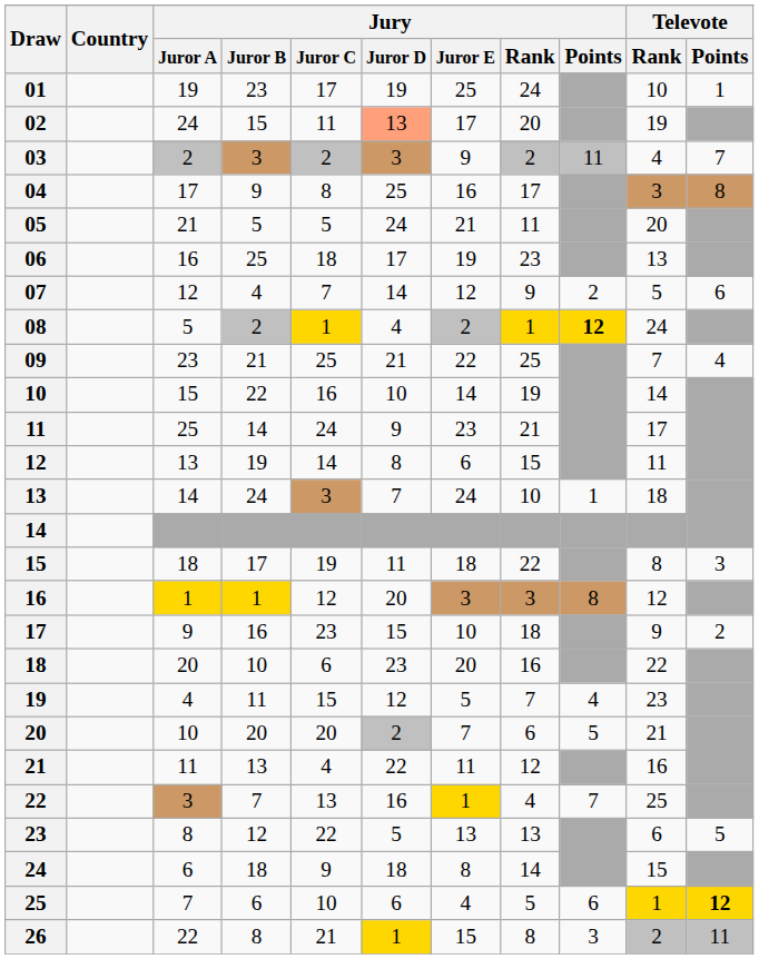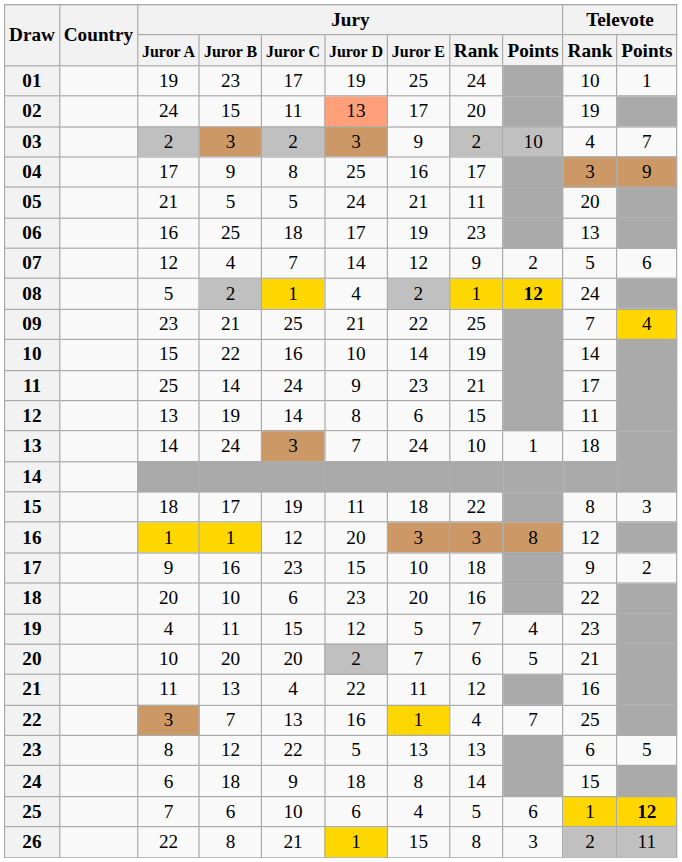 <table class="sortable wikitable collapsible plainrowheaders" style="text-align:center;">
 <tr>
 </tr>
 <tr>
 <th scope="col" rowspan="2">Draw</th>
 <th scope="col" rowspan="2">Country</th>
 <th scope="col" colspan="7">Jury</th>
 <th scope="col" colspan="2">Televote</th>
 </tr>
 <tr>
 <th scope="col"><small>Juror A</small></th>
 <th scope="col"><small>Juror B</small></th>
 <th scope="col"><small>Juror C</small></th>
 <th scope="col"><small>Juror D</small></th>
 <th scope="col"><small>Juror E</small></th>
 <th scope="col">Rank</th>
 <th scope="col" class="unsortable">Points</th>
 <th scope="col">Rank</th>
 <th scope="col" class="unsortable">Points</th>
 </tr>
 <tr>
 <th scope="row" style="text-align:center;">01</th>
 <td style="text-align:left;"></td>
 <td>19</td>
 <td>23</td>
 <td>17</td>
 <td>19</td>
 <td>25</td>
 <td>24</td>
 <td style="background:#AAAAAA;"></td>
 <td>10</td>
 <td>1</td>
 </tr>
 <tr>
 <th scope="row" style="text-align:center;">02</th>
 <td style="text-align:left;"></td>
 <td>24</td>
 <td>15</td>
 <td>11</td>
 <td style="background: lightsalmon;">13</td>
 <td>17</td>
 <td>20</td>
 <td style="background:#AAAAAA;"></td>
 <td>19</td>
 <td style="background:#AAAAAA;"></td>
 </tr>
 <tr>
 <th scope="row" style="text-align:center;">03</th>
 <td style="text-align:left;"></td>
 <td style="background:silver;">2</td>
 <td style="background:#CC9966;">3</td>
 <td style="background:silver;">2</td>
 <td style="background:#CC9966;">3</td>
 <td>9</td>
 <td style="background:silver;">2</td>
-<td style="background:silver;">11</td>
+<td style="background:silver;">10</td>
 <td>4</td>
 <td>7</td>
 </tr>
 <tr>
 <th scope="row" style="text-align:center;">04</th>
 <td style="text-align:left;"></td>
 <td>17</td>
 <td>9</td>
 <td>8</td>
 <td>25</td>
 <td>16</td>
 <td>17</td>
 <td style="background:#AAAAAA;"></td>
 <td style="background:#CC9966;">3</td>
-<td style="background:#CC9966;">8</td>
+<td style="background:#CC9966;">9</td>
 </tr>
 <tr>
 <th scope="row" style="text-align:center;">05</th>
 <td style="text-align:left;"></td>
 <td>21</td>
 <td>5</td>
 <td>5</td>
 <td>24</td>
 <td>21</td>
 <td>11</td>
 <td style="background:#AAAAAA;"></td>
 <td>20</td>
 <td style="background:#AAAAAA;"></td>
 </tr>
 <tr>
 <th scope="row" style="text-align:center;">06</th>
 <td style="text-align:left;"></td>
 <td>16</td>
 <td>25</td>
 <td>18</td>
 <td>17</td>
 <td>19</td>
 <td>23</td>
 <td style="background:#AAAAAA;"></td>
 <td>13</td>
 <td style="background:#AAAAAA;"></td>
 </tr>
 <tr>
 <th scope="row" style="text-align:center;">07</th>
 <td style="text-align:left;"></td>
 <td>12</td>
 <td>4</td>
 <td>7</td>
 <td>14</td>
 <td>12</td>
 <td>9</td>
 <td>2</td>
 <td>5</td>
 <td>6</td>
 </tr>
 <tr>
 <th scope="row" style="text-align:center;">08</th>
 <td style="text-align:left;"></td>
 <td>5</td>
 <td style="background:silver;">2</td>
 <td style="background:gold;">1</td>
 <td>4</td>
 <td style="background:silver;">2</td>
 <td style="background:gold;">1</td>
 <td style="background:gold;"><strong>12</strong></td>
 <td>24</td>
 <td style="background:#AAAAAA;"></td>
 </tr>
 <tr>
 <th scope="row" style="text-align:center;">09</th>
 <td style="text-align:left;"></td>
 <td>23</td>
 <td>21</td>
 <td>25</td>
 <td>21</td>
 <td>22</td>
 <td>25</td>
 <td style="background:#AAAAAA;"></td>
 <td>7</td>
-<td>4</td>
+<td style="background: gold;">4</td>
 </tr>
 <tr>
 <th scope="row" style="text-align:center;">10</th>
 <td style="text-align:left;"></td>
 <td>15</td>
 <td>22</td>
 <td>16</td>
 <td>10</td>
 <td>14</td>
 <td>19</td>
 <td style="background:#AAAAAA;"></td>
 <td>14</td>
 <td style="background:#AAAAAA;"></td>
 </tr>
 <tr>
 <th scope="row" style="text-align:center;">11</th>
 <td style="text-align:left;"></td>
 <td>25</td>
 <td>14</td>
 <td>24</td>
 <td>9</td>
 <td>23</td>
 <td>21</td>
 <td style="background:#AAAAAA;"></td>
 <td>17</td>
 <td style="background:#AAAAAA;"></td>
 </tr>
 <tr>
 <th scope="row" style="text-align:center;">12</th>
 <td style="text-align:left;"></td>
 <td>13</td>
 <td>19</td>
 <td>14</td>
 <td>8</td>
 <td>6</td>
 <td>15</td>
 <td style="background:#AAAAAA;"></td>
 <td>11</td>
 <td style="background:#AAAAAA;"></td>
 </tr>
 <tr>
 <th scope="row" style="text-align:center;">13</th>
 <td style="text-align:left;"></td>
 <td>14</td>
 <td>24</td>
 <td style="background:#CC9966;">3</td>
 <td>7</td>
 <td>24</td>
 <td>10</td>
 <td>1</td>
 <td>18</td>
 <td style="background:#AAAAAA;"></td>
 </tr>
 <tr class=sortbottom>
 <th scope="row" style="text-align:center;">14</th>
 <td style="text-align:left;"></td>
 <td style="background:#AAAAAA;"></td>
 <td style="background:#AAAAAA;"></td>
 <td style="background:#AAAAAA;"></td>
 <td style="background:#AAAAAA;"></td>
 <td style="background:#AAAAAA;"></td>
 <td style="background:#AAAAAA;"></td>
 <td style="background:#AAAAAA;"></td>
 <td style="background:#AAAAAA;"></td>
 <td style="background:#AAAAAA;"></td>
 </tr>
 <tr>
 <th scope="row" style="text-align:center;">15</th>
 <td style="text-align:left;"></td>
 <td>18</td>
 <td>17</td>
 <td>19</td>
 <td>11</td>
 <td>18</td>
 <td>22</td>
 <td style="background:#AAAAAA;"></td>
 <td>8</td>
 <td>3</td>
 </tr>
 <tr>
 <th scope="row" style="text-align:center;">16</th>
 <td style="text-align:left;"></td>
 <td style="background:gold;">1</td>
 <td style="background:gold;">1</td>
 <td>12</td>
 <td>20</td>
 <td style="background:#CC9966;">3</td>
 <td style="background:#CC9966;">3</td>
 <td style="background:#CC9966;">8</td>
 <td>12</td>
 <td style="background:#AAAAAA;"></td>
 </tr>
 <tr>
 <th scope="row" style="text-align:center;">17</th>
 <td style="text-align:left;"></td>
 <td>9</td>
 <td>16</td>
 <td>23</td>
 <td>15</td>
 <td>10</td>
 <td>18</td>
 <td style="background:#AAAAAA;"></td>
 <td>9</td>
 <td>2</td>
 </tr>
 <tr>
 <th scope="row" style="text-align:center;">18</th>
 <td style="text-align:left;"></td>
 <td>20</td>
 <td>10</td>
 <td>6</td>
 <td>23</td>
 <td>20</td>
 <td>16</td>
 <td style="background:#AAAAAA;"></td>
 <td>22</td>
 <td style="background:#AAAAAA;"></td>
 </tr>
 <tr>
 <th scope="row" style="text-align:center;">19</th>
 <td style="text-align:left;"></td>
 <td>4</td>
 <td>11</td>
 <td>15</td>
 <td>12</td>
 <td>5</td>
 <td>7</td>
 <td>4</td>
 <td>23</td>
 <td style="background:#AAAAAA;"></td>
 </tr>
 <tr>
 <th scope="row" style="text-align:center;">20</th>
 <td style="text-align:left;"></td>
 <td>10</td>
 <td>20</td>
 <td>20</td>
 <td style="background:silver;">2</td>
 <td>7</td>
 <td>6</td>
 <td>5</td>
 <td>21</td>
 <td style="background:#AAAAAA;"></td>
 </tr>
 <tr>
 <th scope="row" style="text-align:center;">21</th>
 <td style="text-align:left;"></td>
 <td>11</td>
 <td>13</td>
 <td>4</td>
 <td>22</td>
 <td>11</td>
 <td>12</td>
 <td style="background:#AAAAAA;"></td>
 <td>16</td>
 <td style="background:#AAAAAA;"></td>
 </tr>
 <tr>
 <th scope="row" style="text-align:center;">22</th>
 <td style="text-align:left;"></td>
 <td style="background:#CC9966;">3</td>
 <td>7</td>
 <td>13</td>
 <td>16</td>
 <td style="background:gold;">1</td>
 <td>4</td>
 <td>7</td>
 <td>25</td>
 <td style="background:#AAAAAA;"></td>
 </tr>
 <tr>
 <th scope="row" style="text-align:center;">23</th>
 <td style="text-align:left;"></td>
 <td>8</td>
 <td>12</td>
 <td>22</td>
 <td>5</td>
 <td>13</td>
 <td>13</td>
 <td style="background:#AAAAAA;"></td>
 <td>6</td>
 <td>5</td>
 </tr>
 <tr>
 <th scope="row" style="text-align:center;">24</th>
 <td style="text-align:left;"></td>
 <td>6</td>
 <td>18</td>
 <td>9</td>
 <td>18</td>
 <td>8</td>
 <td>14</td>
 <td style="background:#AAAAAA;"></td>
 <td>15</td>
 <td style="background:#AAAAAA;"></td>
 </tr>
 <tr>
 <th scope="row" style="text-align:center;">25</th>
 <td style="text-align:left;"></td>
 <td>7</td>
 <td>6</td>
 <td>10</td>
 <td>6</td>
 <td>4</td>
 <td>5</td>
 <td>6</td>
 <td style="background:gold;">1</td>
 <td style="background:gold;"><strong>12</strong></td>
 </tr>
 <tr>
 <th scope="row" style="text-align:center;">26</th>
 <td style="text-align:left;"></td>
 <td>22</td>
 <td>8</td>
 <td>21</td>
 <td style="background:gold;">1</td>
 <td>15</td>
 <td>8</td>
 <td>3</td>
 <td style="background:silver;">2</td>
 <td style="background:silver;">11</td>
 </tr>
 </table>
